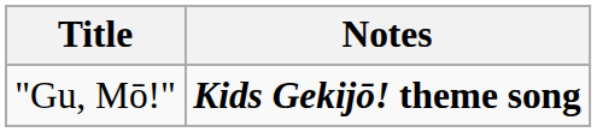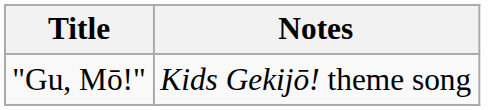 <table class="wikitable">
 <tr>
 <th>Title</th>
 <th>Notes</th>
 </tr>
 <tr>
 <td>"Gu, Mō!"</td>
-<td><strong><em>Kids Gekijō!</em> theme song</strong></td>
+<td><em>Kids Gekijō!</em> theme song</td>
 </tr>
 </table>
